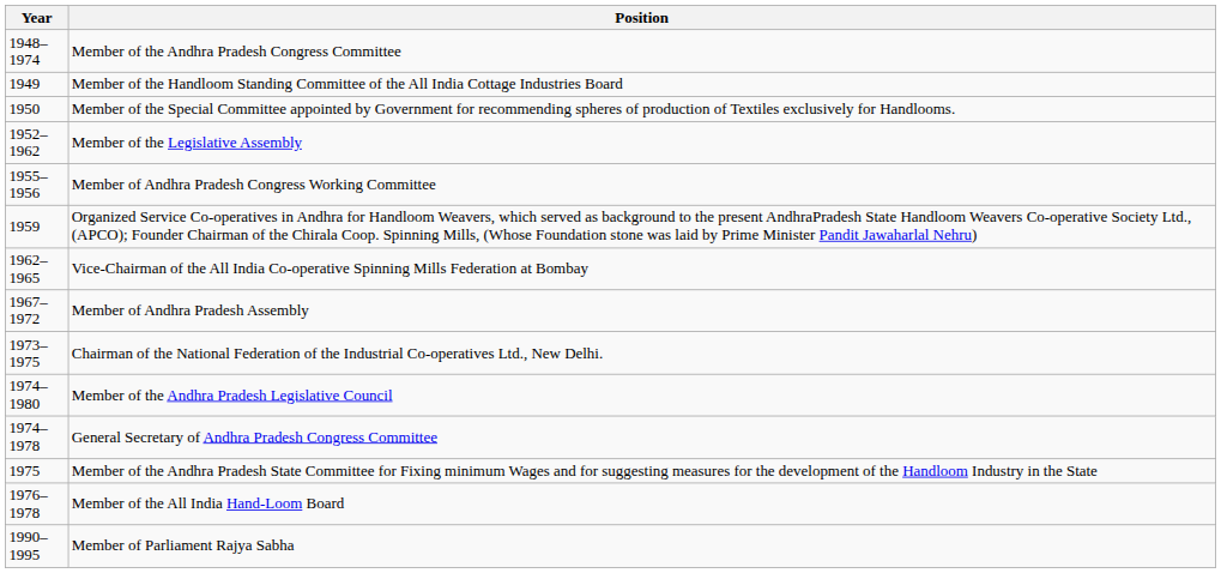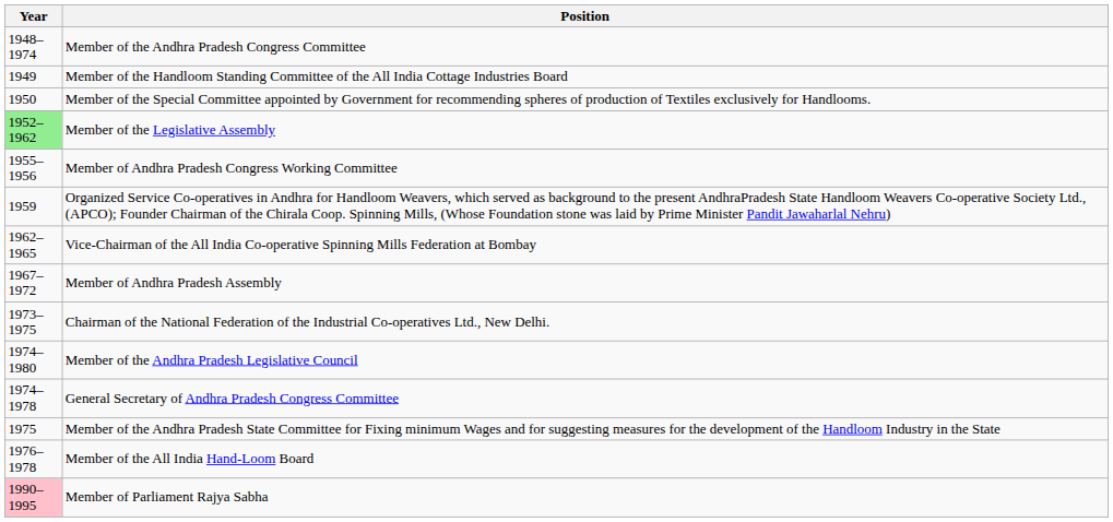 <table class="wikitable">
 <tr>
 <th>Year</th>
 <th>Position</th>
 </tr>
 <tr>
 <td>1948–1974</td>
 <td>Member of the Andhra Pradesh Congress Committee</td>
 </tr>
 <tr>
 <td>1949</td>
 <td>Member of the Handloom Standing Committee of the All India Cottage Industries Board</td>
 </tr>
 <tr>
 <td>1950</td>
 <td>Member of the Special Committee appointed by Government for recommending spheres of production of Textiles exclusively for Handlooms.</td>
 </tr>
 <tr>
-<td>1952–1962</td>
+<td style="background: lightgreen;">1952–1962</td>
 <td>Member of the <a href='#'>Legislative Assembly</a></td>
 </tr>
 <tr>
 <td>1955–1956</td>
 <td>Member of Andhra Pradesh Congress Working Committee</td>
 </tr>
 <tr>
 <td>1959</td>
 <td>Organized Service Co-operatives in Andhra for Handloom Weavers, which served as background to the present AndhraPradesh State Handloom Weavers Co-operative Society Ltd., (APCO); Founder Chairman of the Chirala Coop. Spinning Mills, (Whose Foundation stone was laid by Prime Minister <a href='#'>Pandit Jawaharlal Nehru</a>)</td>
 </tr>
 <tr>
 <td>1962–1965</td>
 <td>Vice-Chairman of the All India Co-operative Spinning Mills Federation at Bombay</td>
 </tr>
 <tr>
 <td>1967–1972</td>
 <td>Member of Andhra Pradesh Assembly</td>
 </tr>
 <tr>
 <td>1973–1975</td>
 <td>Chairman of the National Federation of the Industrial Co-operatives Ltd., New Delhi.</td>
 </tr>
 <tr>
 <td>1974–1980</td>
 <td>Member of the <a href='#'>Andhra Pradesh Legislative Council</a></td>
 </tr>
 <tr>
 <td>1974–1978</td>
 <td>General Secretary of <a href='#'>Andhra Pradesh Congress Committee</a></td>
 </tr>
 <tr>
 <td>1975</td>
 <td>Member of the Andhra Pradesh State Committee for Fixing minimum Wages and for suggesting measures for the development of the <a href='#'>Handloom</a> Industry in the State</td>
 </tr>
 <tr>
 <td>1976–1978</td>
 <td>Member of the All India <a href='#'>Hand-Loom</a> Board</td>
 </tr>
 <tr>
-<td>1990–1995</td>
+<td style="background: pink;">1990–1995</td>
 <td>Member of Parliament Rajya Sabha</td>
 </tr>
 </table>
